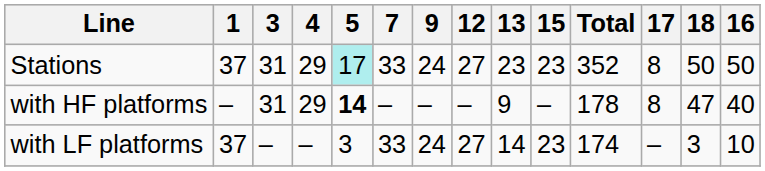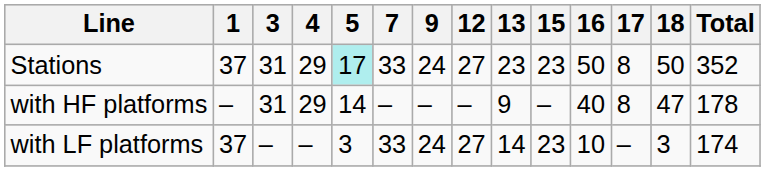 <table class="wikitable">
 <tr>
 <th>Line</th>
 <th style="background:#"><strong>1</strong></th>
 <th style="background:#"><strong>3</strong></th>
 <th style="background:#"><strong>4</strong></th>
 <th style="background:#"><strong>5</strong></th>
 <th style="background:#"><strong>7</strong></th>
 <th style="background:#"><strong>9</strong></th>
 <th style="background:#"><strong>12</strong></th>
 <th style="background:#"><strong>13</strong></th>
 <th style="background:#"><strong>15</strong></th>
-<th>Total</th>
+<th style="background:#"><strong>16</strong></th>
 <th style="background:#"><strong>17</strong></th>
 <th style="background:#"><strong>18</strong></th>
-<th style="background:#"><strong>16</strong></th>
+<th>Total</th>
 </tr>
 <tr>
 <td>Stations</td>
 <td>37</td>
 <td>31</td>
 <td>29</td>
 <td style="background: paleturquoise;">17</td>
 <td>33</td>
 <td>24</td>
 <td>27</td>
 <td>23</td>
 <td>23</td>
-<td>352</td>
+<td>50</td>
 <td>8</td>
 <td>50</td>
-<td>50</td>
+<td>352</td>
 </tr>
 <tr>
 <td>with HF platforms</td>
 <td>–</td>
 <td>31</td>
 <td>29</td>
-<td><strong>14</strong></td>
+<td>14</td>
 <td>–</td>
 <td>–</td>
 <td>–</td>
 <td>9</td>
 <td>–</td>
-<td>178</td>
+<td>40</td>
 <td>8</td>
 <td>47</td>
-<td>40</td>
+<td>178</td>
 </tr>
 <tr>
 <td>with LF platforms</td>
 <td>37</td>
 <td>–</td>
 <td>–</td>
 <td>3 </td>
 <td>33</td>
 <td>24</td>
 <td>27</td>
 <td>14 </td>
 <td>23</td>
-<td>174</td>
+<td>10 </td>
 <td>–</td>
 <td>3 </td>
-<td>10 </td>
+<td>174</td>
 </tr>
 </table>
